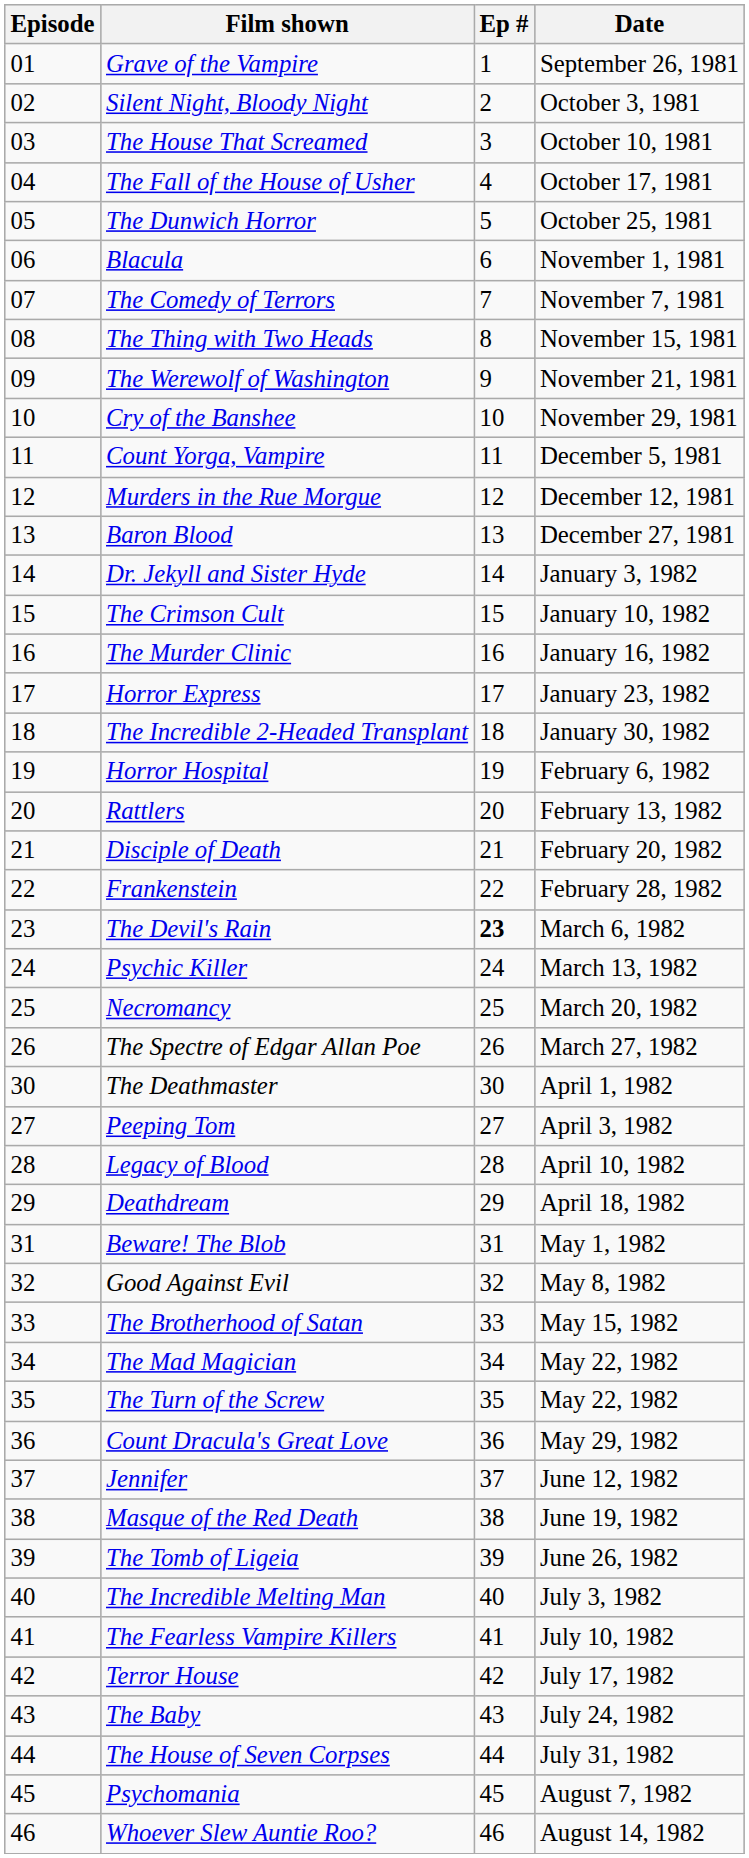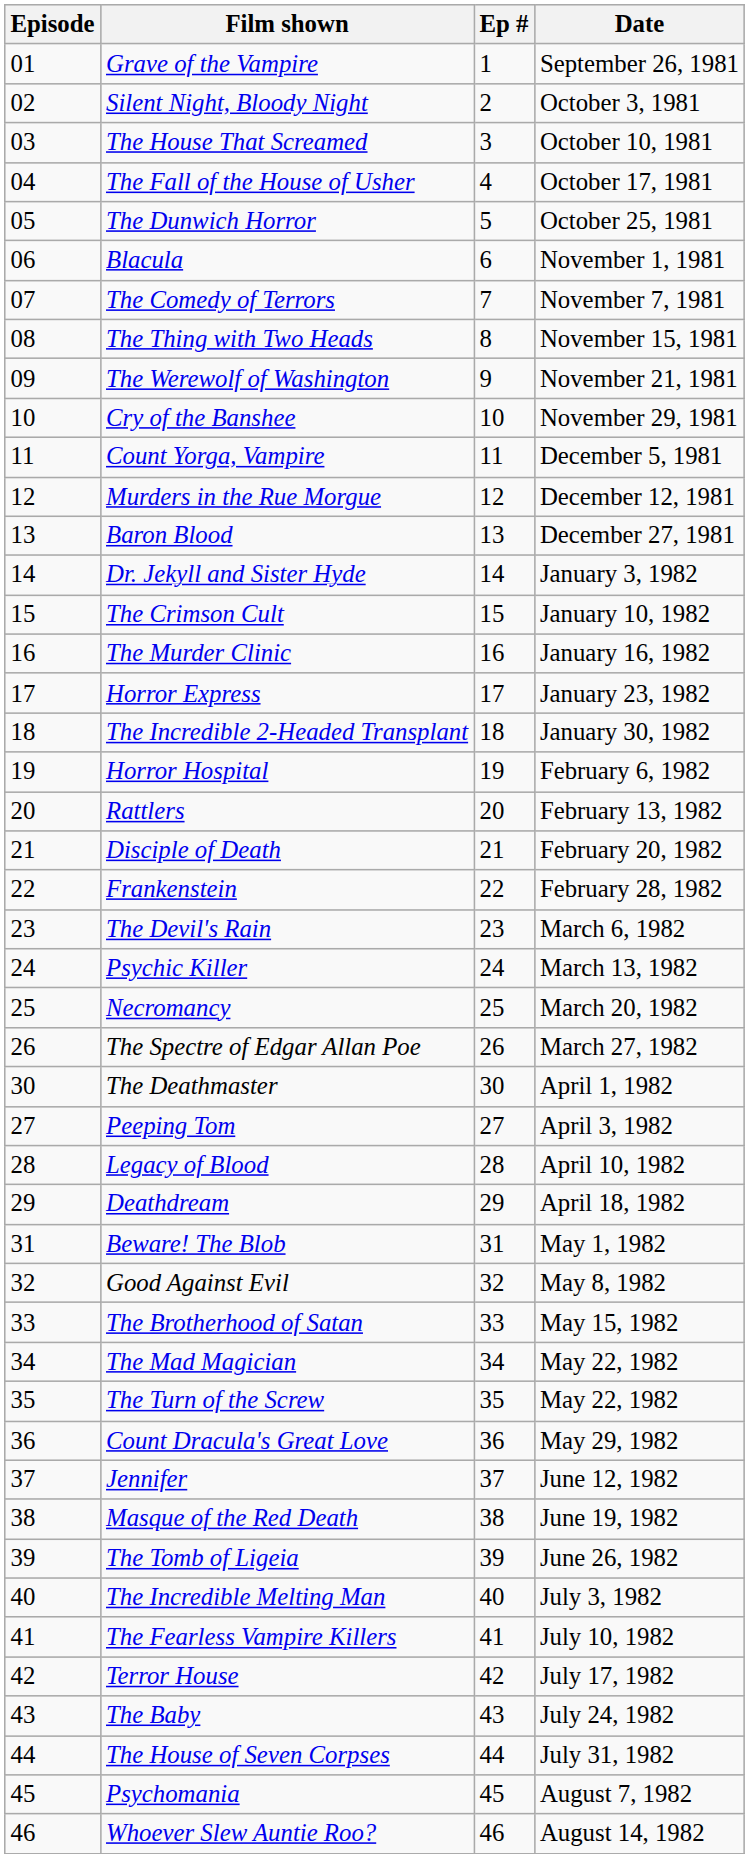 <table class="wikitable sortable">
 <tr>
 <th>Episode</th>
 <th>Film shown</th>
 <th>Ep #</th>
 <th>Date</th>
 </tr>
 <tr>
 <td>01</td>
 <td><em><a href='#'>Grave of the Vampire</a></em></td>
 <td>1</td>
 <td>September 26, 1981</td>
 </tr>
 <tr>
 <td>02</td>
 <td><em><a href='#'>Silent Night, Bloody Night</a></em></td>
 <td>2</td>
 <td>October 3, 1981</td>
 </tr>
 <tr>
 <td>03</td>
 <td><em><a href='#'>The House That Screamed</a></em></td>
 <td>3</td>
 <td>October 10, 1981</td>
 </tr>
 <tr>
 <td>04</td>
 <td><em><a href='#'>The Fall of the House of Usher</a></em></td>
 <td>4</td>
 <td>October 17, 1981</td>
 </tr>
 <tr>
 <td>05</td>
 <td><em><a href='#'>The Dunwich Horror</a></em></td>
 <td>5</td>
 <td>October 25, 1981</td>
 </tr>
 <tr>
 <td>06</td>
 <td><em><a href='#'>Blacula</a></em></td>
 <td>6</td>
 <td>November 1, 1981</td>
 </tr>
 <tr>
 <td>07</td>
 <td><em><a href='#'>The Comedy of Terrors</a></em></td>
 <td>7</td>
 <td>November 7, 1981</td>
 </tr>
 <tr>
 <td>08</td>
 <td><em><a href='#'>The Thing with Two Heads</a></em></td>
 <td>8</td>
 <td>November 15, 1981</td>
 </tr>
 <tr>
 <td>09</td>
 <td><em><a href='#'>The Werewolf of Washington</a></em></td>
 <td>9</td>
 <td>November 21, 1981</td>
 </tr>
 <tr>
 <td>10</td>
 <td><em><a href='#'>Cry of the Banshee</a></em></td>
 <td>10</td>
 <td>November 29, 1981</td>
 </tr>
 <tr>
 <td>11</td>
 <td><em><a href='#'>Count Yorga, Vampire</a></em></td>
 <td>11</td>
 <td>December 5, 1981</td>
 </tr>
 <tr>
 <td>12</td>
 <td><em><a href='#'>Murders in the Rue Morgue</a></em></td>
 <td>12</td>
 <td>December 12, 1981</td>
 </tr>
 <tr>
 <td>13</td>
 <td><em><a href='#'>Baron Blood</a></em></td>
 <td>13</td>
 <td>December 27, 1981</td>
 </tr>
 <tr>
 <td>14</td>
 <td><em><a href='#'>Dr. Jekyll and Sister Hyde</a></em></td>
 <td>14</td>
 <td>January 3, 1982</td>
 </tr>
 <tr>
 <td>15</td>
 <td><em><a href='#'>The Crimson Cult</a></em></td>
 <td>15</td>
 <td>January 10, 1982</td>
 </tr>
 <tr>
 <td>16</td>
 <td><em><a href='#'>The Murder Clinic</a></em></td>
 <td>16</td>
 <td>January 16, 1982</td>
 </tr>
 <tr>
 <td>17</td>
 <td><em><a href='#'>Horror Express</a></em></td>
 <td>17</td>
 <td>January 23, 1982</td>
 </tr>
 <tr>
 <td>18</td>
 <td><em><a href='#'>The Incredible 2-Headed Transplant</a></em></td>
 <td>18</td>
 <td>January 30, 1982</td>
 </tr>
 <tr>
 <td>19</td>
 <td><em><a href='#'>Horror Hospital</a></em></td>
 <td>19</td>
 <td>February 6, 1982</td>
 </tr>
 <tr>
 <td>20</td>
 <td><em><a href='#'>Rattlers</a></em></td>
 <td>20</td>
 <td>February 13, 1982</td>
 </tr>
 <tr>
 <td>21</td>
 <td><em><a href='#'>Disciple of Death</a></em></td>
 <td>21</td>
 <td>February 20, 1982</td>
 </tr>
 <tr>
 <td>22</td>
 <td><em><a href='#'>Frankenstein</a></em></td>
 <td>22</td>
 <td>February 28, 1982</td>
 </tr>
 <tr>
 <td>23</td>
 <td><em><a href='#'>The Devil's Rain</a></em></td>
-<td><strong>23</strong></td>
+<td>23</td>
 <td>March 6, 1982</td>
 </tr>
 <tr>
 <td>24</td>
 <td><em><a href='#'>Psychic Killer</a></em></td>
 <td>24</td>
 <td>March 13, 1982</td>
 </tr>
 <tr>
 <td>25</td>
 <td><em><a href='#'>Necromancy</a></em></td>
 <td>25</td>
 <td>March 20, 1982</td>
 </tr>
 <tr>
 <td>26</td>
 <td><em>The Spectre of Edgar Allan Poe</em></td>
 <td>26</td>
 <td>March 27, 1982</td>
 </tr>
 <tr>
 <td>30</td>
 <td><em>The Deathmaster</em></td>
 <td>30</td>
 <td>April 1, 1982</td>
 </tr>
 <tr>
 <td>27</td>
 <td><em><a href='#'>Peeping Tom</a></em></td>
 <td>27</td>
 <td>April 3, 1982</td>
 </tr>
 <tr>
 <td>28</td>
 <td><em><a href='#'>Legacy of Blood</a></em></td>
 <td>28</td>
 <td>April 10, 1982</td>
 </tr>
 <tr>
 <td>29</td>
 <td><em><a href='#'>Deathdream</a></em></td>
 <td>29</td>
 <td>April 18, 1982</td>
 </tr>
 <tr>
 <td>31</td>
 <td><em><a href='#'>Beware! The Blob</a></em></td>
 <td>31</td>
 <td>May 1, 1982</td>
 </tr>
 <tr>
 <td>32</td>
 <td><em>Good Against Evil</em></td>
 <td>32</td>
 <td>May 8, 1982</td>
 </tr>
 <tr>
 <td>33</td>
 <td><em><a href='#'>The Brotherhood of Satan</a></em></td>
 <td>33</td>
 <td>May 15, 1982</td>
 </tr>
 <tr>
 <td>34</td>
 <td><em><a href='#'>The Mad Magician</a></em></td>
 <td>34</td>
 <td>May 22, 1982</td>
 </tr>
 <tr>
 <td>35</td>
 <td><em><a href='#'>The Turn of the Screw</a></em></td>
 <td>35</td>
 <td>May 22, 1982</td>
 </tr>
 <tr>
 <td>36</td>
 <td><em><a href='#'>Count Dracula's Great Love</a></em></td>
 <td>36</td>
 <td>May 29, 1982</td>
 </tr>
 <tr>
 <td>37</td>
 <td><em><a href='#'>Jennifer</a></em></td>
 <td>37</td>
 <td>June 12, 1982</td>
 </tr>
 <tr>
 <td>38</td>
 <td><em><a href='#'>Masque of the Red Death</a></em></td>
 <td>38</td>
 <td>June 19, 1982</td>
 </tr>
 <tr>
 <td>39</td>
 <td><em><a href='#'>The Tomb of Ligeia</a></em></td>
 <td>39</td>
 <td>June 26, 1982</td>
 </tr>
 <tr>
 <td>40</td>
 <td><em><a href='#'>The Incredible Melting Man</a></em></td>
 <td>40</td>
 <td>July 3, 1982</td>
 </tr>
 <tr>
 <td>41</td>
 <td><em><a href='#'>The Fearless Vampire Killers</a></em></td>
 <td>41</td>
 <td>July 10, 1982</td>
 </tr>
 <tr>
 <td>42</td>
 <td><em><a href='#'>Terror House</a></em></td>
 <td>42</td>
 <td>July 17, 1982</td>
 </tr>
 <tr>
 <td>43</td>
 <td><em><a href='#'>The Baby</a></em></td>
 <td>43</td>
 <td>July 24, 1982</td>
 </tr>
 <tr>
 <td>44</td>
 <td><em><a href='#'>The House of Seven Corpses</a></em></td>
 <td>44</td>
 <td>July 31, 1982</td>
 </tr>
 <tr>
 <td>45</td>
 <td><em><a href='#'>Psychomania</a></em></td>
 <td>45</td>
 <td>August 7, 1982</td>
 </tr>
 <tr>
 <td>46</td>
 <td><em><a href='#'>Whoever Slew Auntie Roo?</a></em></td>
 <td>46</td>
 <td>August 14, 1982</td>
 </tr>
 <tr>
 </tr>
 </table>
